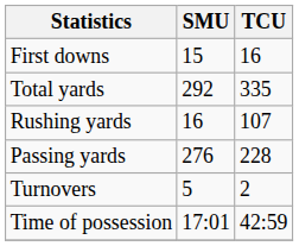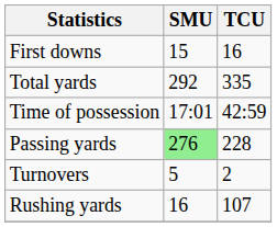 <table class="wikitable">
 <tr>
 <th>Statistics</th>
 <th>SMU</th>
 <th>TCU</th>
 </tr>
 <tr>
 <td>First downs</td>
 <td>15</td>
 <td>16</td>
 </tr>
 <tr>
 <td>Total yards</td>
 <td>292</td>
 <td>335</td>
 </tr>
 <tr>
-<td>Rushing yards</td>
-<td>16</td>
-<td>107</td>
+<td>Time of possession</td>
+<td>17:01</td>
+<td>42:59</td>
 </tr>
 <tr>
 <td>Passing yards</td>
-<td>276</td>
+<td style="background: lightgreen;">276</td>
 <td>228</td>
 </tr>
 <tr>
 <td>Turnovers</td>
 <td>5</td>
 <td>2</td>
 </tr>
 <tr>
-<td>Time of possession</td>
-<td>17:01</td>
-<td>42:59</td>
+<td>Rushing yards</td>
+<td>16</td>
+<td>107</td>
 </tr>
 <tr>
 </tr>
 </table>
